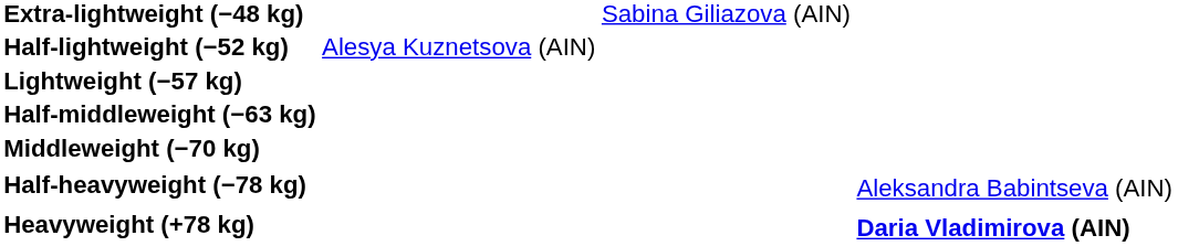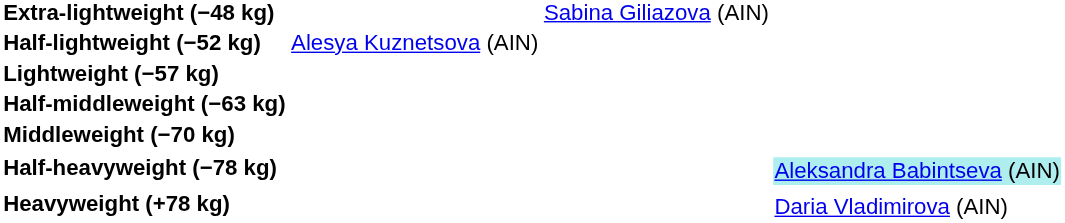 <table>
 <tr>
 <th rowspan=2 style="text-align:left;">Extra-lightweight (−48 kg)</th>
 <td rowspan=2></td>
 <td rowspan=2> <a href='#'>Sabina Giliazova</a> <span>(<abbr>AIN</abbr>)</span></td>
 <td></td>
 </tr>
 <tr>
 <td></td>
 </tr>
 <tr>
 <th rowspan=2 style="text-align:left;">Half-lightweight (−52 kg)</th>
 <td rowspan=2> <a href='#'>Alesya Kuznetsova</a> <span>(<abbr>AIN</abbr>)</span></td>
 <td rowspan=2></td>
 <td></td>
 </tr>
 <tr>
 <td></td>
 </tr>
 <tr>
 <th rowspan=2 style="text-align:left;">Lightweight (−57 kg)</th>
 <td rowspan=2></td>
 <td rowspan=2></td>
 <td></td>
 </tr>
 <tr>
 <td></td>
 </tr>
 <tr>
 <th rowspan=2 style="text-align:left;">Half-middleweight (−63 kg)</th>
 <td rowspan=2></td>
 <td rowspan=2></td>
 <td></td>
 </tr>
 <tr>
 <td></td>
 </tr>
 <tr>
 <th rowspan=2 style="text-align:left;">Middleweight (−70 kg)</th>
 <td rowspan=2></td>
 <td rowspan=2></td>
 <td></td>
 </tr>
 <tr>
 <td></td>
 </tr>
 <tr>
 <th rowspan=2 style="text-align:left;">Half-heavyweight (−78 kg)</th>
 <td rowspan=2></td>
 <td rowspan=2></td>
 <td></td>
 </tr>
 <tr>
-<td> <a href='#'>Aleksandra Babintseva</a> <span>(<abbr>AIN</abbr>)</span></td>
+<td style="background: paleturquoise;"> <a href='#'>Aleksandra Babintseva</a> <span>(<abbr>AIN</abbr>)</span></td>
 </tr>
 <tr>
 <th rowspan=2 style="text-align:left;">Heavyweight (+78 kg)</th>
 <td rowspan=2></td>
 <td rowspan=2></td>
 <td></td>
 </tr>
 <tr>
-<td><strong> <a href='#'>Daria Vladimirova</a> <span>(<abbr>AIN</abbr>)</span></strong></td>
+<td> <a href='#'>Daria Vladimirova</a> <span>(<abbr>AIN</abbr>)</span></td>
 </tr>
 </table>
